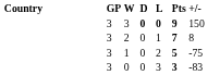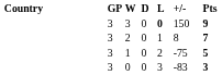 <table>
 <tr ---->
 <td width="150"><strong>Country</strong></td>
 <td width="20"><strong>GP</strong></td>
 <td width="20"><strong>W</strong></td>
 <td width="20"><strong>D</strong></td>
 <td width="20"><strong>L</strong></td>
+<td width="40"><strong>+/-</strong></td>
 <td width="20"><strong>Pts</strong></td>
-<td width="40"><strong>+/-</strong></td>
 </tr>
 <tr ---->
 <td></td>
 <td>3</td>
 <td>3</td>
+<td>0</td>
 <td><strong>0</strong></td>
-<td><strong>0</strong></td>
+<td>150</td>
 <td><strong>9</strong></td>
-<td>150</td>
 </tr>
 <tr ---->
 <td></td>
 <td>3</td>
 <td>2</td>
 <td>0</td>
 <td>1</td>
+<td>8</td>
 <td><strong>7</strong></td>
-<td>8</td>
 </tr>
 <tr ---->
 <td></td>
 <td>3</td>
 <td>1</td>
 <td>0</td>
 <td>2</td>
+<td>-75</td>
 <td><strong>5</strong></td>
-<td>-75</td>
 </tr>
 <tr ---->
 <td></td>
 <td>3</td>
 <td>0</td>
 <td>0</td>
 <td>3</td>
+<td>-83</td>
 <td><strong>3</strong></td>
-<td>-83</td>
 </tr>
 </table>
